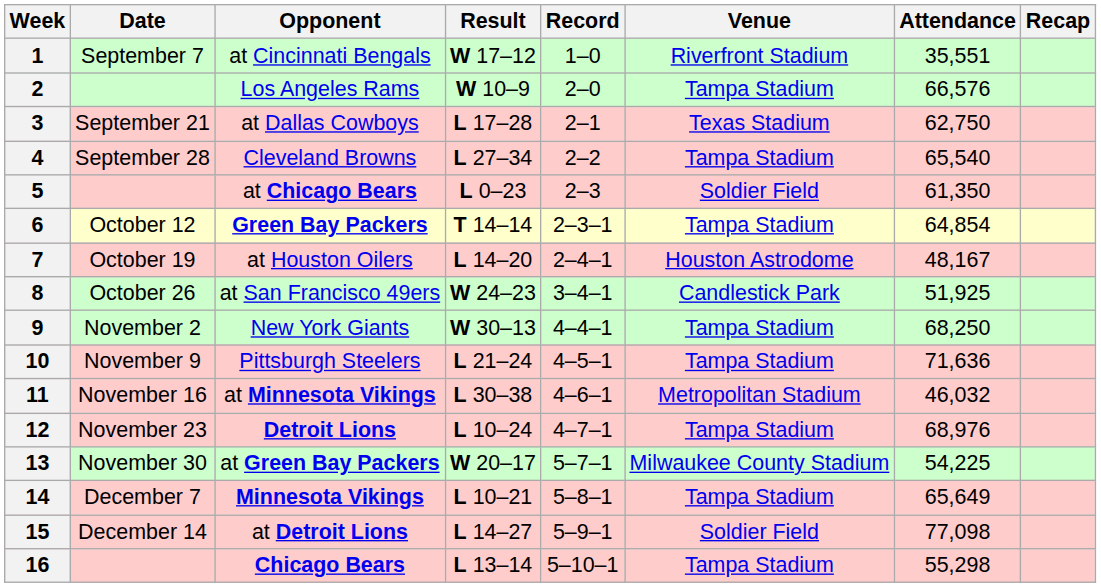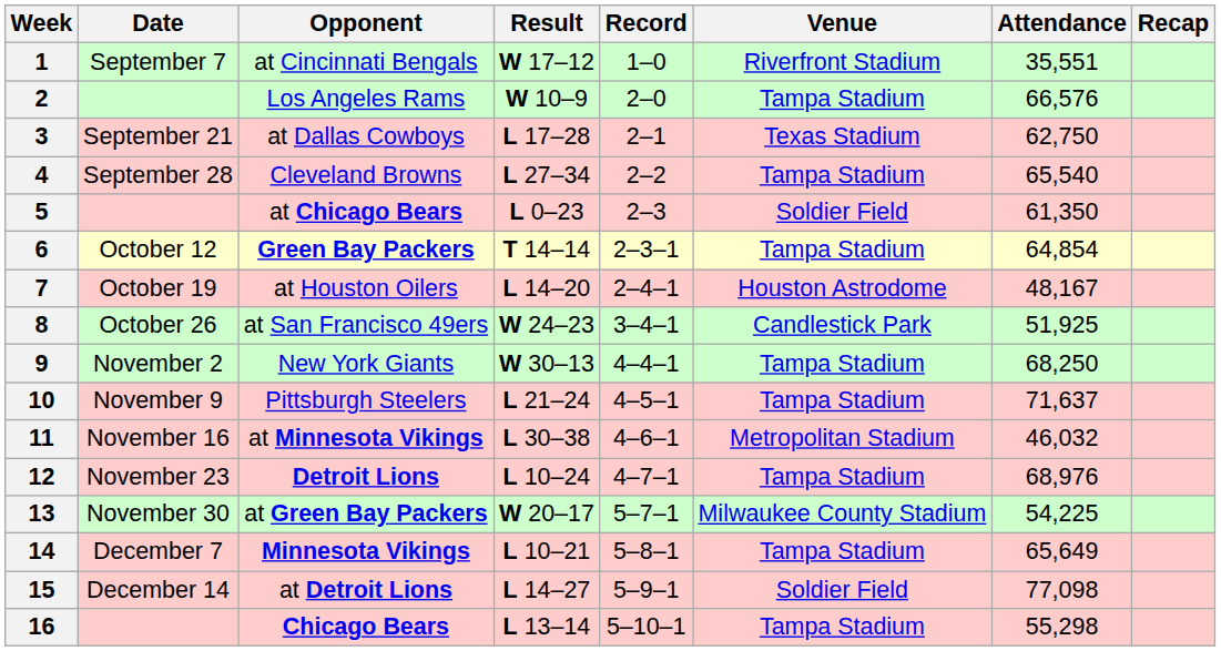 <table class="wikitable" style="text-align:center">
 <tr>
 <th>Week</th>
 <th>Date</th>
 <th>Opponent</th>
 <th>Result</th>
 <th>Record</th>
 <th>Venue</th>
 <th>Attendance</th>
 <th>Recap</th>
 </tr>
 <tr style="background:#cfc">
 <th>1</th>
 <td>September 7</td>
 <td>at <a href='#'>Cincinnati Bengals</a></td>
 <td><strong>W</strong> 17–12</td>
 <td>1–0</td>
 <td><a href='#'>Riverfront Stadium</a></td>
 <td>35,551</td>
 <td></td>
 </tr>
 <tr style="background:#cfc">
 <th>2</th>
 <td></td>
 <td><a href='#'>Los Angeles Rams</a></td>
 <td><strong>W</strong> 10–9</td>
 <td>2–0</td>
 <td><a href='#'>Tampa Stadium</a></td>
 <td>66,576</td>
 <td></td>
 </tr>
 <tr style="background:#fcc">
 <th>3</th>
 <td>September 21</td>
 <td>at <a href='#'>Dallas Cowboys</a></td>
 <td><strong>L</strong> 17–28</td>
 <td>2–1</td>
 <td><a href='#'>Texas Stadium</a></td>
 <td>62,750</td>
 <td></td>
 </tr>
 <tr style="background:#fcc">
 <th>4</th>
 <td>September 28</td>
 <td><a href='#'>Cleveland Browns</a></td>
 <td><strong>L</strong> 27–34</td>
 <td>2–2</td>
 <td><a href='#'>Tampa Stadium</a></td>
 <td>65,540</td>
 <td></td>
 </tr>
 <tr style="background:#fcc">
 <th>5</th>
 <td></td>
 <td>at <strong><a href='#'>Chicago Bears</a></strong></td>
 <td><strong>L</strong> 0–23</td>
 <td>2–3</td>
 <td><a href='#'>Soldier Field</a></td>
 <td>61,350</td>
 <td></td>
 </tr>
 <tr style="background:#ffc">
 <th>6</th>
 <td>October 12</td>
 <td><strong><a href='#'>Green Bay Packers</a></strong></td>
 <td><strong>T</strong> 14–14 </td>
 <td>2–3–1</td>
 <td><a href='#'>Tampa Stadium</a></td>
 <td>64,854</td>
 <td></td>
 </tr>
 <tr style="background:#fcc">
 <th>7</th>
 <td>October 19</td>
 <td>at <a href='#'>Houston Oilers</a></td>
 <td><strong>L</strong> 14–20</td>
 <td>2–4–1</td>
 <td><a href='#'>Houston Astrodome</a></td>
 <td>48,167</td>
 <td></td>
 </tr>
 <tr style="background:#cfc">
 <th>8</th>
 <td>October 26</td>
 <td>at <a href='#'>San Francisco 49ers</a></td>
 <td><strong>W</strong> 24–23</td>
 <td>3–4–1</td>
 <td><a href='#'>Candlestick Park</a></td>
 <td>51,925</td>
 <td></td>
 </tr>
 <tr style="background:#cfc">
 <th>9</th>
 <td>November 2</td>
 <td><a href='#'>New York Giants</a></td>
 <td><strong>W</strong> 30–13</td>
 <td>4–4–1</td>
 <td><a href='#'>Tampa Stadium</a></td>
 <td>68,250</td>
 <td></td>
 </tr>
 <tr style="background:#fcc">
 <th>10</th>
 <td>November 9</td>
 <td><a href='#'>Pittsburgh Steelers</a></td>
 <td><strong>L</strong> 21–24</td>
 <td>4–5–1</td>
 <td><a href='#'>Tampa Stadium</a></td>
-<td>71,636</td>
+<td>71,637</td>
 <td></td>
 </tr>
 <tr style="background:#fcc">
 <th>11</th>
 <td>November 16</td>
 <td>at <strong><a href='#'>Minnesota Vikings</a></strong></td>
 <td><strong>L</strong> 30–38</td>
 <td>4–6–1</td>
 <td><a href='#'>Metropolitan Stadium</a></td>
 <td>46,032</td>
 <td></td>
 </tr>
 <tr style="background:#fcc">
 <th>12</th>
 <td>November 23</td>
 <td><strong><a href='#'>Detroit Lions</a></strong></td>
 <td><strong>L</strong> 10–24</td>
 <td>4–7–1</td>
 <td><a href='#'>Tampa Stadium</a></td>
 <td>68,976</td>
 <td></td>
 </tr>
 <tr style="background:#cfc">
 <th>13</th>
 <td>November 30</td>
 <td>at <strong><a href='#'>Green Bay Packers</a></strong></td>
 <td><strong>W</strong> 20–17</td>
 <td>5–7–1</td>
 <td><a href='#'>Milwaukee County Stadium</a></td>
 <td>54,225</td>
 <td></td>
 </tr>
 <tr style="background:#fcc">
 <th>14</th>
 <td>December 7</td>
 <td><strong><a href='#'>Minnesota Vikings</a></strong></td>
 <td><strong>L</strong> 10–21</td>
 <td>5–8–1</td>
 <td><a href='#'>Tampa Stadium</a></td>
 <td>65,649</td>
 <td></td>
 </tr>
 <tr style="background:#fcc">
 <th>15</th>
 <td>December 14</td>
 <td>at <strong><a href='#'>Detroit Lions</a></strong></td>
 <td><strong>L</strong> 14–27</td>
 <td>5–9–1</td>
 <td><a href='#'>Soldier Field</a></td>
 <td>77,098</td>
 <td></td>
 </tr>
 <tr style="background:#fcc">
 <th>16</th>
 <td></td>
 <td><strong><a href='#'>Chicago Bears</a></strong></td>
 <td><strong>L</strong> 13–14</td>
 <td>5–10–1</td>
 <td><a href='#'>Tampa Stadium</a></td>
 <td>55,298</td>
 <td></td>
 </tr>
 </table>
